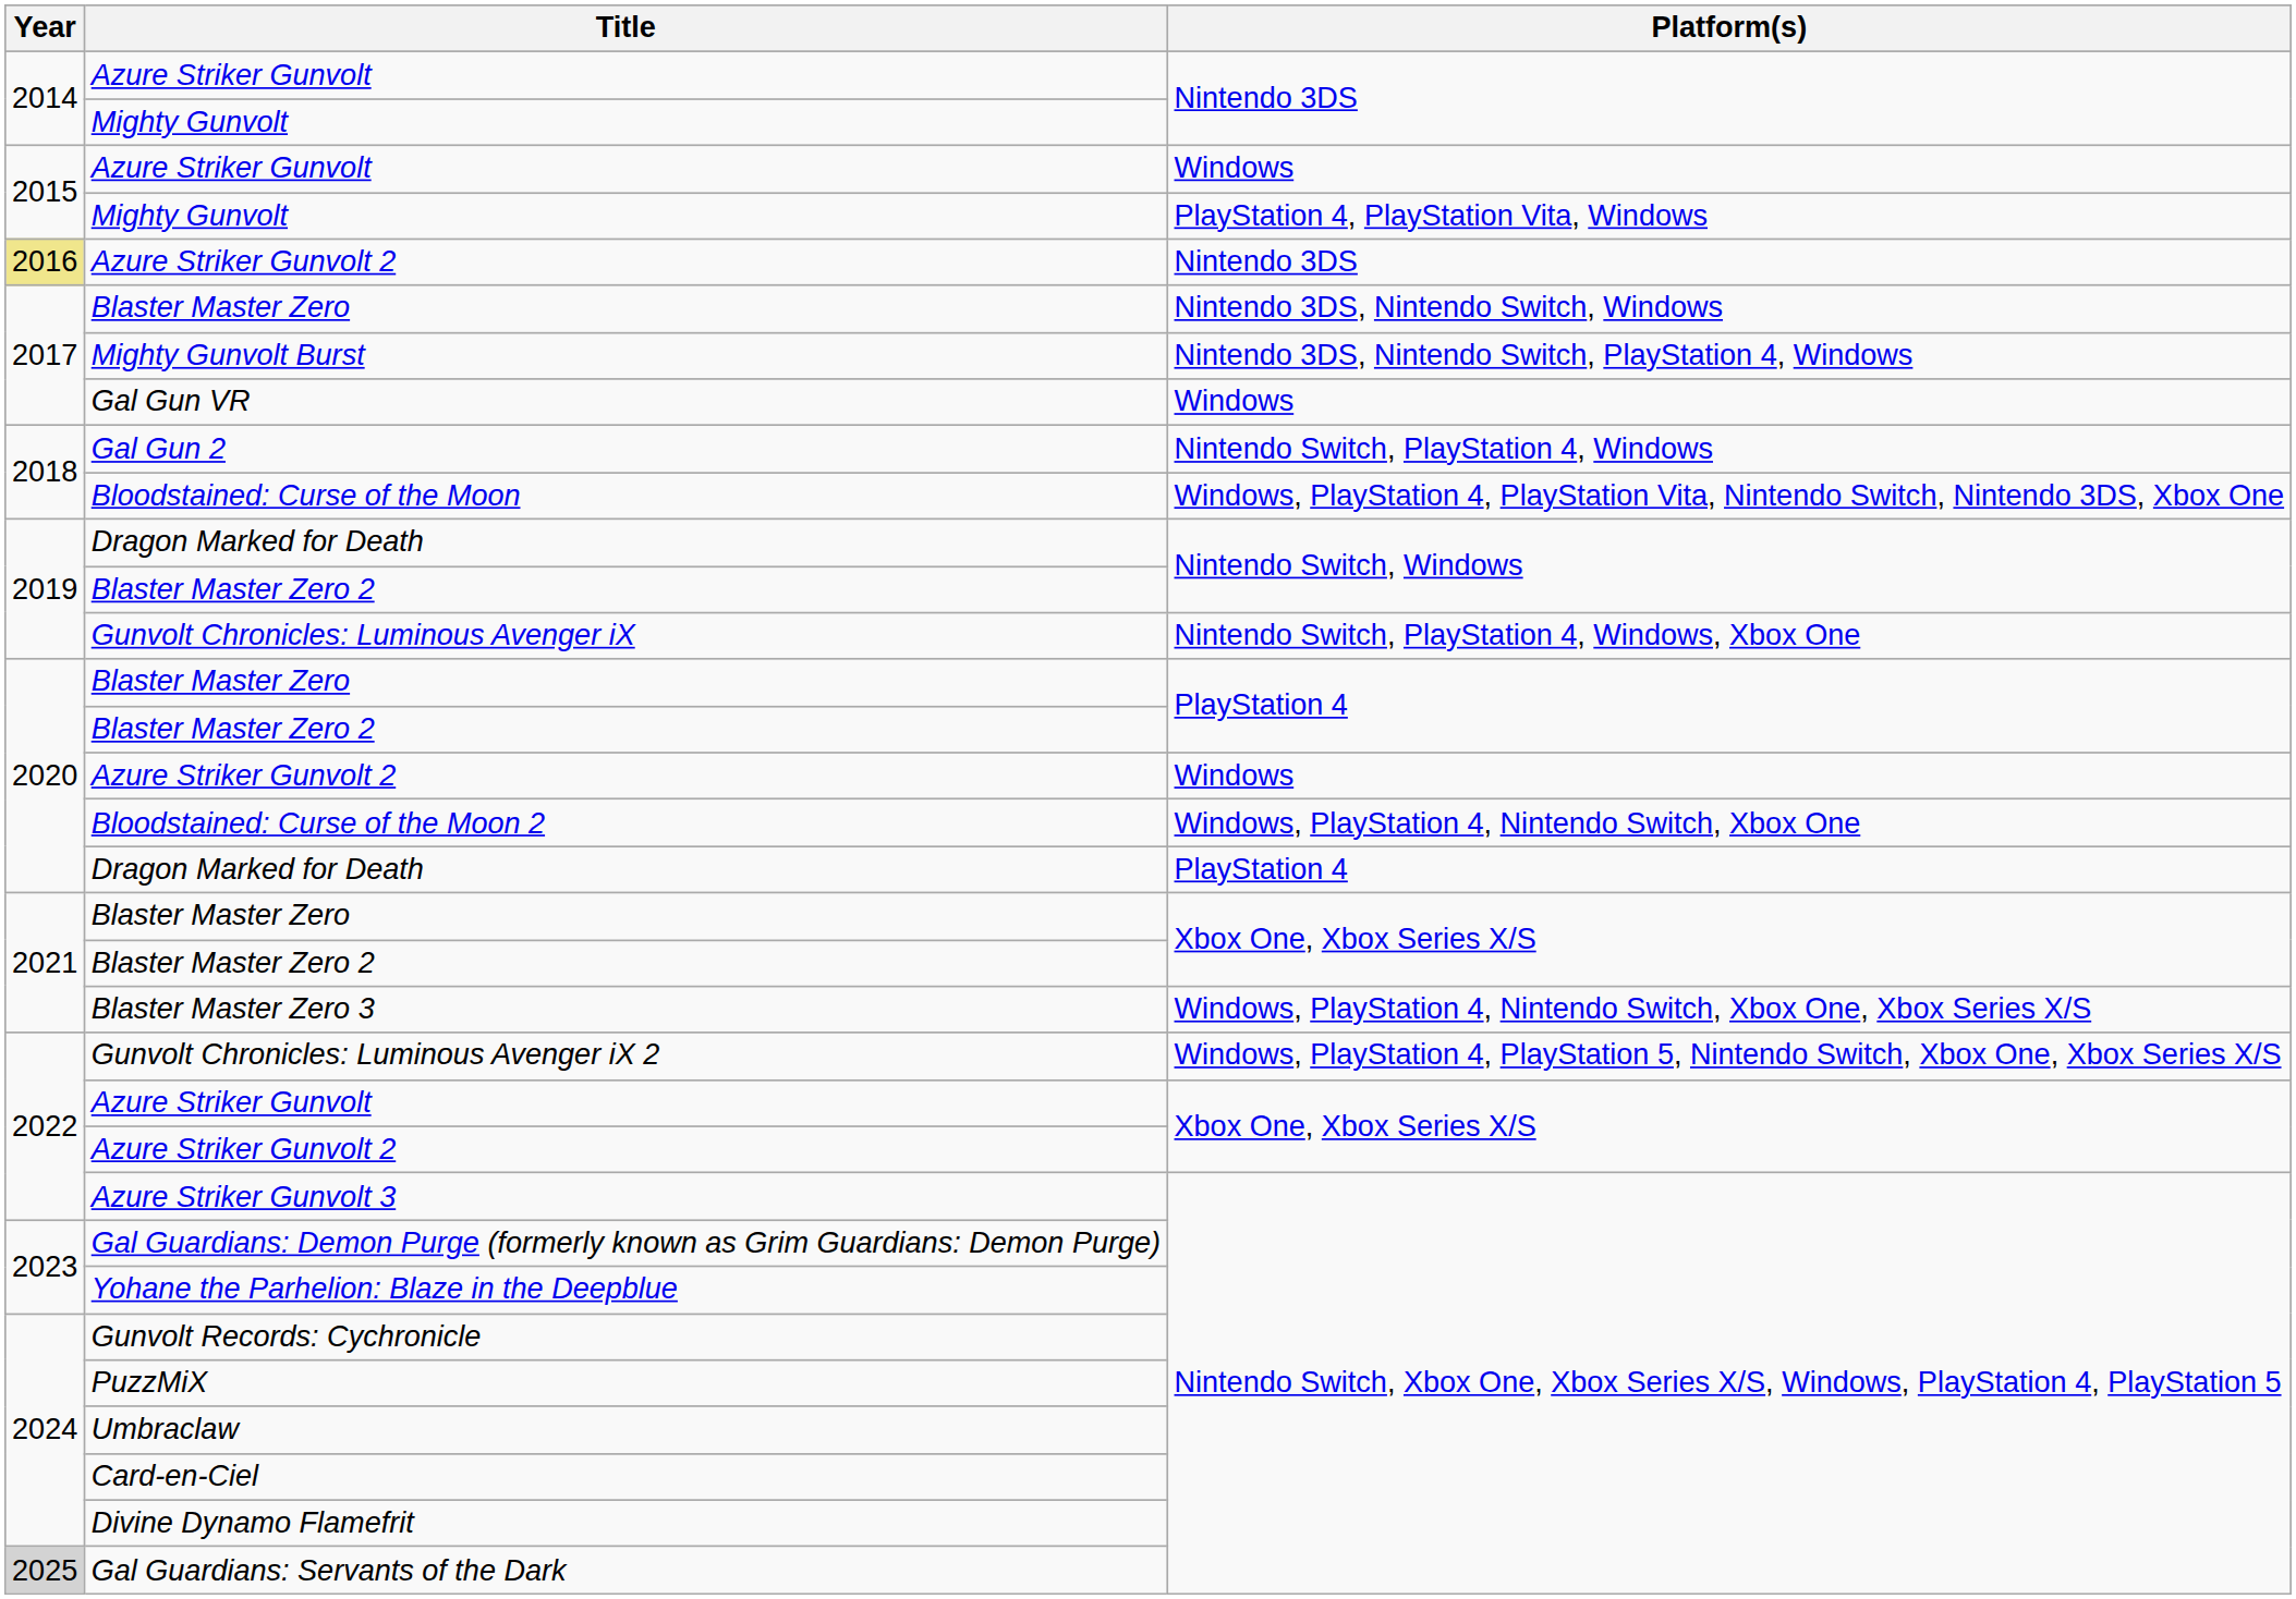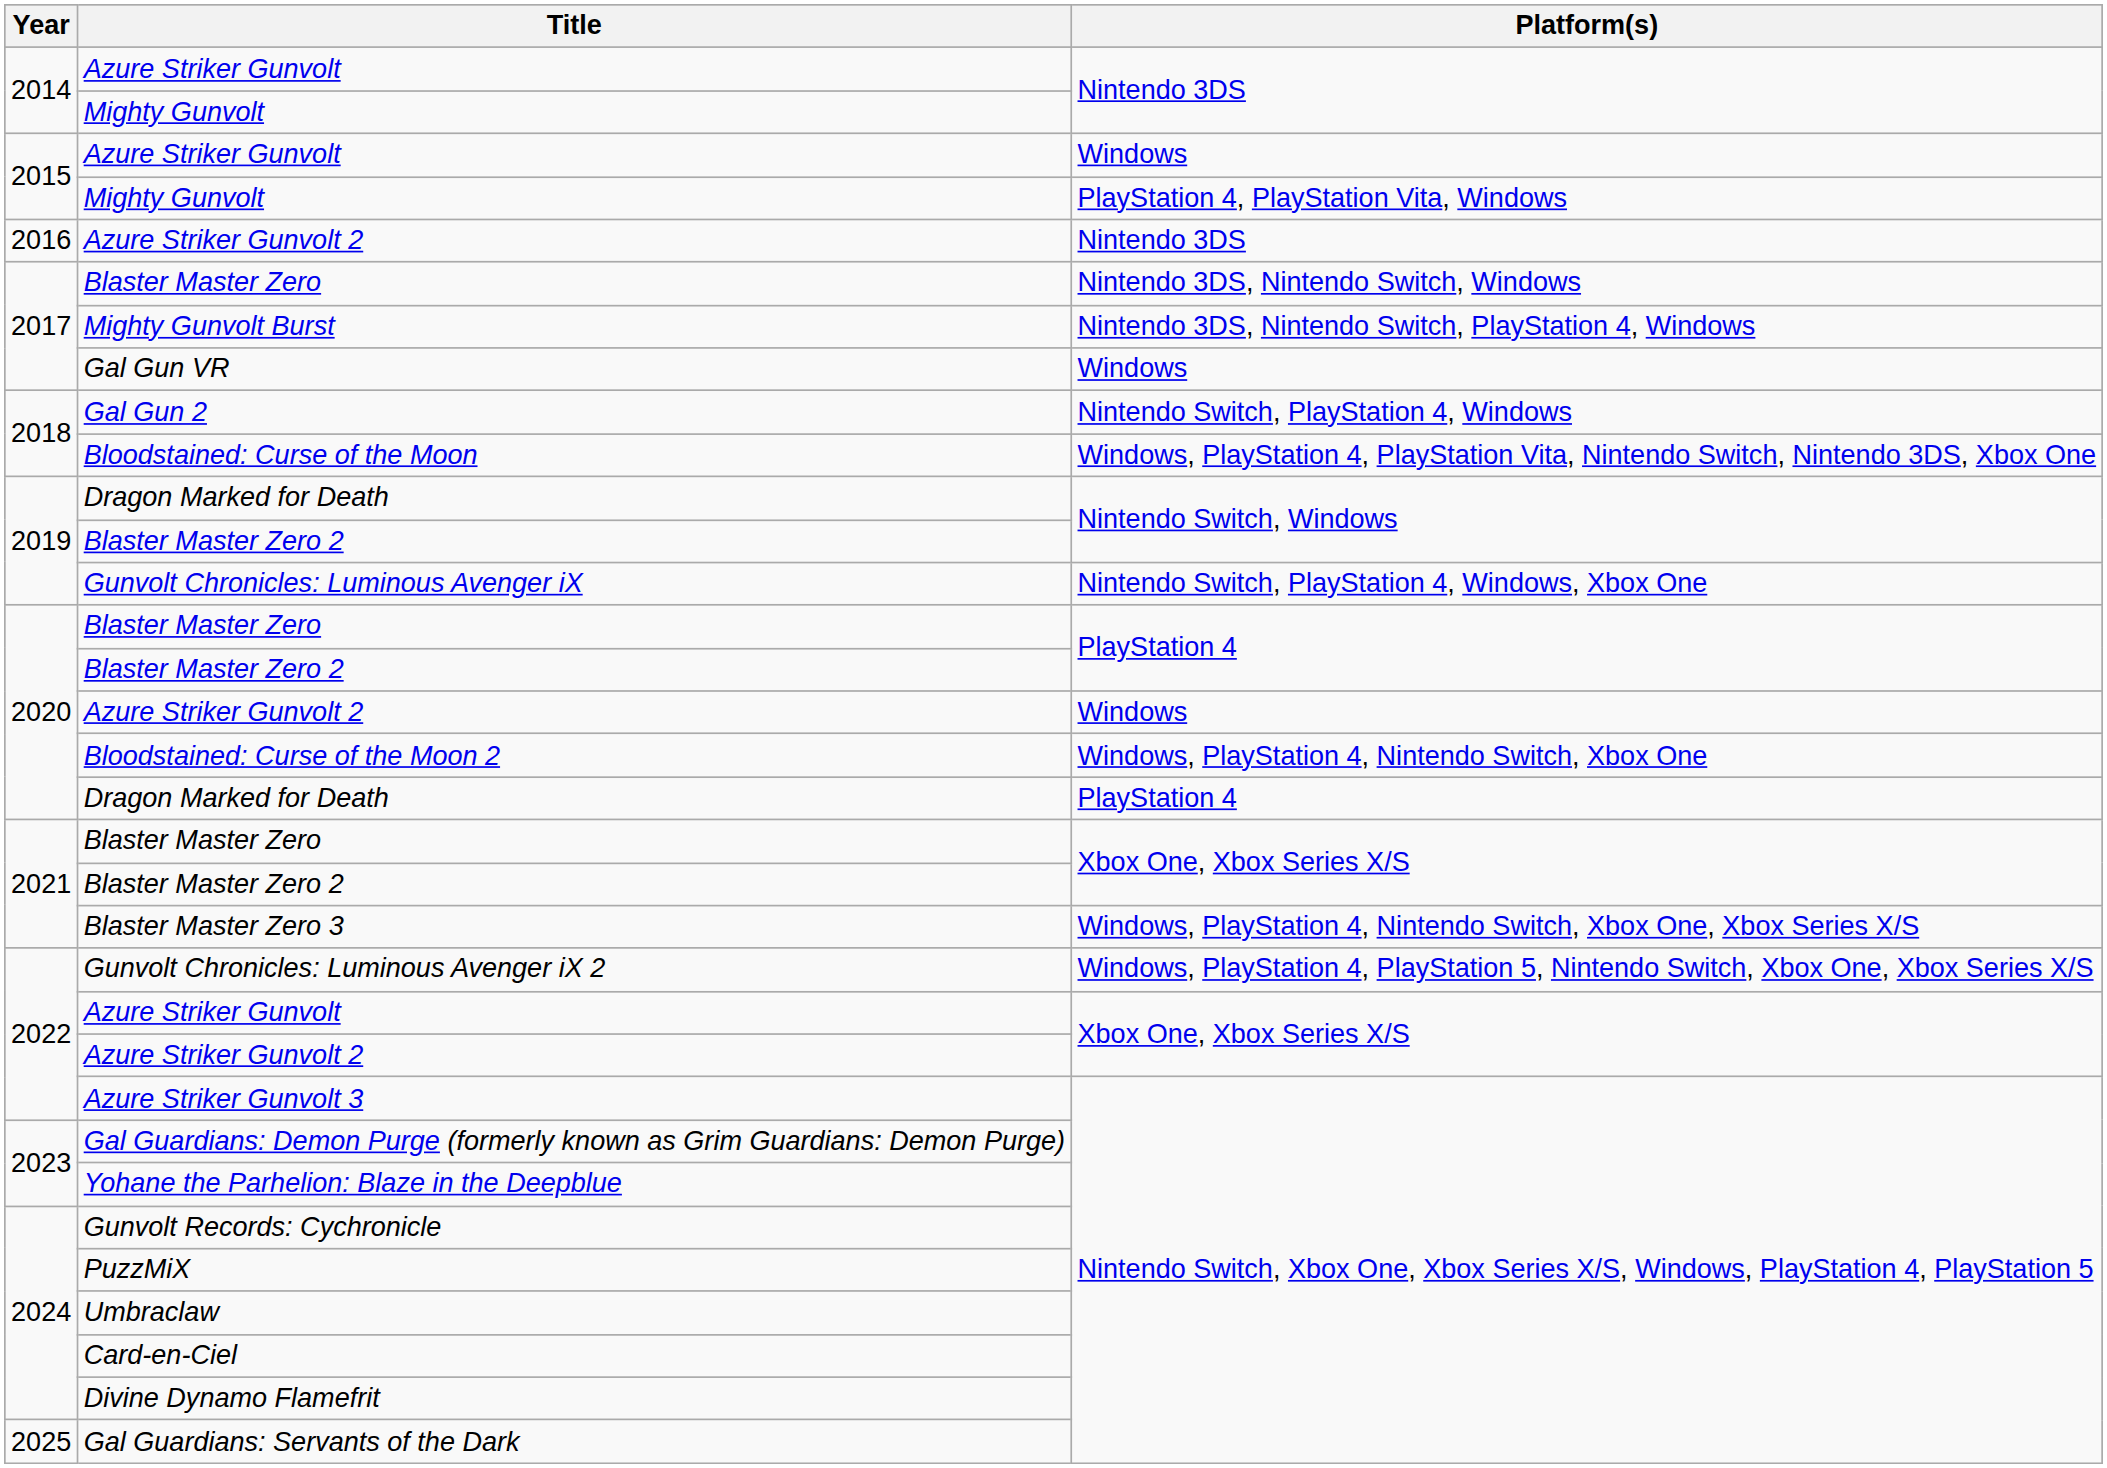 <table class="wikitable">
 <tr>
 <th>Year</th>
 <th>Title</th>
 <th>Platform(s)</th>
 </tr>
 <tr>
 <td rowspan="2">2014</td>
 <td><em><a href='#'>Azure Striker Gunvolt</a></em></td>
 <td rowspan="2"><a href='#'>Nintendo 3DS</a></td>
 </tr>
 <tr>
 <td><em><a href='#'>Mighty Gunvolt</a></em></td>
 </tr>
 <tr>
 <td rowspan="2">2015</td>
 <td><em><a href='#'>Azure Striker Gunvolt</a></em></td>
 <td><a href='#'>Windows</a></td>
 </tr>
 <tr>
 <td><em><a href='#'>Mighty Gunvolt</a></em></td>
 <td><a href='#'>PlayStation 4</a>, <a href='#'>PlayStation Vita</a>, <a href='#'>Windows</a></td>
 </tr>
 <tr>
-<td style="background: khaki;">2016</td>
+<td>2016</td>
 <td><em><a href='#'>Azure Striker Gunvolt 2</a></em></td>
 <td><a href='#'>Nintendo 3DS</a></td>
 </tr>
 <tr>
 <td rowspan="3">2017</td>
 <td><em><a href='#'>Blaster Master Zero</a></em></td>
 <td><a href='#'>Nintendo 3DS</a>, <a href='#'>Nintendo Switch</a>, <a href='#'>Windows</a></td>
 </tr>
 <tr>
 <td><em><a href='#'>Mighty Gunvolt Burst</a></em></td>
 <td><a href='#'>Nintendo 3DS</a>, <a href='#'>Nintendo Switch</a>, <a href='#'>PlayStation 4</a>, <a href='#'>Windows</a></td>
 </tr>
 <tr>
 <td><em>Gal Gun VR</em></td>
 <td><a href='#'>Windows</a></td>
 </tr>
 <tr>
 <td rowspan="2">2018</td>
 <td><em><a href='#'>Gal Gun 2</a></em></td>
 <td><a href='#'>Nintendo Switch</a>, <a href='#'>PlayStation 4</a>, <a href='#'>Windows</a></td>
 </tr>
 <tr>
 <td><em><a href='#'>Bloodstained: Curse of the Moon</a></em></td>
 <td><a href='#'>Windows</a>, <a href='#'>PlayStation 4</a>, <a href='#'>PlayStation Vita</a>, <a href='#'>Nintendo Switch</a>, <a href='#'>Nintendo 3DS</a>, <a href='#'>Xbox One</a></td>
 </tr>
 <tr>
 <td rowspan="3">2019</td>
 <td><em>Dragon Marked for Death</em></td>
 <td rowspan="2"><a href='#'>Nintendo Switch</a>, <a href='#'>Windows</a></td>
 </tr>
 <tr>
 <td><em><a href='#'>Blaster Master Zero 2</a></em></td>
 </tr>
 <tr>
 <td><em><a href='#'>Gunvolt Chronicles: Luminous Avenger iX</a></em></td>
 <td><a href='#'>Nintendo Switch</a>, <a href='#'>PlayStation 4</a>, <a href='#'>Windows</a>, <a href='#'>Xbox One</a></td>
 </tr>
 <tr>
 <td rowspan="5">2020</td>
 <td><em><a href='#'>Blaster Master Zero</a></em></td>
 <td rowspan="2"><a href='#'>PlayStation 4</a></td>
 </tr>
 <tr>
 <td><em><a href='#'>Blaster Master Zero 2</a></em></td>
 </tr>
 <tr>
 <td><em><a href='#'>Azure Striker Gunvolt 2</a></em></td>
 <td><a href='#'>Windows</a></td>
 </tr>
 <tr>
 <td><em><a href='#'>Bloodstained: Curse of the Moon 2</a></em></td>
 <td><a href='#'>Windows</a>, <a href='#'>PlayStation 4</a>, <a href='#'>Nintendo Switch</a>, <a href='#'>Xbox One</a></td>
 </tr>
 <tr>
 <td><em>Dragon Marked for Death</em></td>
 <td><a href='#'>PlayStation 4</a></td>
 </tr>
 <tr>
 <td rowspan="3">2021</td>
 <td><em>Blaster Master Zero</em></td>
 <td rowspan="2"><a href='#'>Xbox One</a>, <a href='#'>Xbox Series X/S</a></td>
 </tr>
 <tr>
 <td><em>Blaster Master Zero 2</em></td>
 </tr>
 <tr>
 <td><em>Blaster Master Zero 3</em></td>
 <td><a href='#'>Windows</a>, <a href='#'>PlayStation 4</a>, <a href='#'>Nintendo Switch</a>, <a href='#'>Xbox One</a>, <a href='#'>Xbox Series X/S</a></td>
 </tr>
 <tr>
 <td rowspan="4">2022</td>
 <td><em>Gunvolt Chronicles: Luminous Avenger iX 2</em></td>
 <td><a href='#'>Windows</a>, <a href='#'>PlayStation 4</a>, <a href='#'>PlayStation 5</a>, <a href='#'>Nintendo Switch</a>, <a href='#'>Xbox One</a>, <a href='#'>Xbox Series X/S</a></td>
 </tr>
 <tr>
 <td><em><a href='#'>Azure Striker Gunvolt</a></em></td>
 <td rowspan="2"><a href='#'>Xbox One</a>, <a href='#'>Xbox Series X/S</a></td>
 </tr>
 <tr>
 <td><em><a href='#'>Azure Striker Gunvolt 2</a></em></td>
 </tr>
 <tr>
 <td><em><a href='#'>Azure Striker Gunvolt 3</a></em></td>
 <td rowspan="9"><a href='#'>Nintendo Switch</a>, <a href='#'>Xbox One</a>, <a href='#'>Xbox Series X/S</a>, <a href='#'>Windows</a>, <a href='#'>PlayStation 4</a>, <a href='#'>PlayStation 5</a></td>
 </tr>
 <tr>
 <td rowspan="2">2023</td>
 <td><em><a href='#'>Gal Guardians: Demon Purge</a> (formerly known as Grim Guardians: Demon Purge)</em></td>
 </tr>
 <tr>
 <td><em><a href='#'>Yohane the Parhelion: Blaze in the Deepblue</a></em></td>
 </tr>
 <tr>
 <td rowspan="5">2024</td>
 <td><em>Gunvolt Records: Cychronicle</em></td>
 </tr>
 <tr>
 <td><em>PuzzMiX</em></td>
 </tr>
 <tr>
 <td><em>Umbraclaw</em></td>
 </tr>
 <tr>
 <td><em>Card-en-Ciel</em></td>
 </tr>
 <tr>
 <td><em>Divine Dynamo Flamefrit</em></td>
 </tr>
 <tr>
-<td style="background: lightgrey;">2025</td>
+<td>2025</td>
 <td><em>Gal Guardians: Servants of the Dark</em></td>
 </tr>
 </table>
